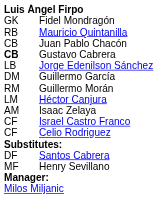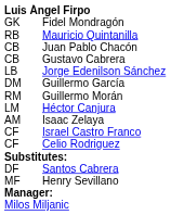 <table style="font-size: 90%" cellspacing="0" cellpadding="0">
 <tr>
 <td colspan="4"><strong>Luis Ángel Firpo</strong></td>
 </tr>
 <tr>
 <th width=25></th>
 <th width=25></th>
 </tr>
 <tr>
 <td>GK</td>
 <td></td>
 <td> Fidel Mondragón</td>
 </tr>
 <tr>
 <td>RB</td>
 <td></td>
 <td> <a href='#'>Mauricio Quintanilla</a> </td>
 </tr>
 <tr>
 <td>CB</td>
 <td></td>
 <td> Juan Pablo Chacón</td>
 </tr>
 <tr>
-<td><strong>CB</strong></td>
+<td>CB</td>
 <td></td>
 <td> Gustavo Cabrera</td>
 </tr>
 <tr>
 <td>LB</td>
 <td></td>
 <td>  <a href='#'>Jorge Edenilson Sánchez</a></td>
 </tr>
 <tr>
 <td>DM</td>
 <td></td>
 <td> Guillermo García</td>
 </tr>
 <tr>
 <td>RM</td>
 <td></td>
 <td> Guillermo Morán </td>
 </tr>
 <tr>
 <td>LM</td>
 <td></td>
 <td>  <a href='#'>Héctor Canjura</a></td>
 </tr>
 <tr>
 <td>AM</td>
 <td></td>
 <td> Isaac Zelaya</td>
 </tr>
 <tr>
 <td>CF</td>
 <td></td>
 <td> <a href='#'>Israel Castro Franco</a></td>
 </tr>
 <tr>
 <td>CF</td>
 <td></td>
 <td> <a href='#'>Celio Rodriguez</a></td>
 </tr>
 <tr>
 <td colspan=3><strong>Substitutes:</strong></td>
 </tr>
 <tr>
 <td>DF</td>
 <td></td>
 <td> <a href='#'>Santos Cabrera</a> </td>
 </tr>
 <tr>
 <td>MF</td>
 <td></td>
 <td> Henry Sevillano  </td>
 </tr>
 <tr>
 <td colspan=3><strong>Manager:</strong></td>
 </tr>
 <tr>
 <td colspan=4> <a href='#'>Milos Miljanic</a></td>
 </tr>
 </table>
